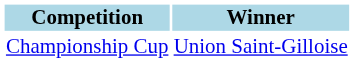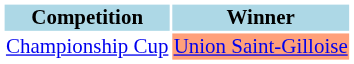 <table>
 <tr style="background:lightblue;">
 <th>Competition</th>
 <th>Winner</th>
 </tr>
 <tr>
 <td><a href='#'>Championship Cup</a></td>
-<td><a href='#'>Union Saint-Gilloise</a></td>
+<td style="background: lightsalmon;"><a href='#'>Union Saint-Gilloise</a></td>
 </tr>
 </table>
